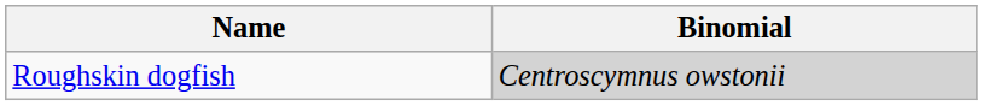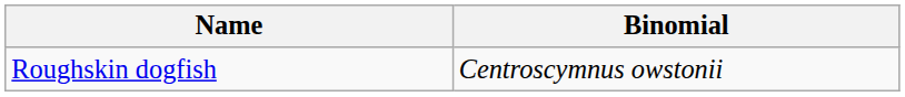 <table width=60% class="wikitable">
 <tr>
 <th width=20%>Name</th>
 <th width=20%>Binomial</th>
 </tr>
 <tr>
 <td><a href='#'>Roughskin dogfish</a></td>
-<td style="background: lightgrey;"><em>Centroscymnus owstonii</em></td>
+<td><em>Centroscymnus owstonii</em></td>
 </tr>
 </table>
